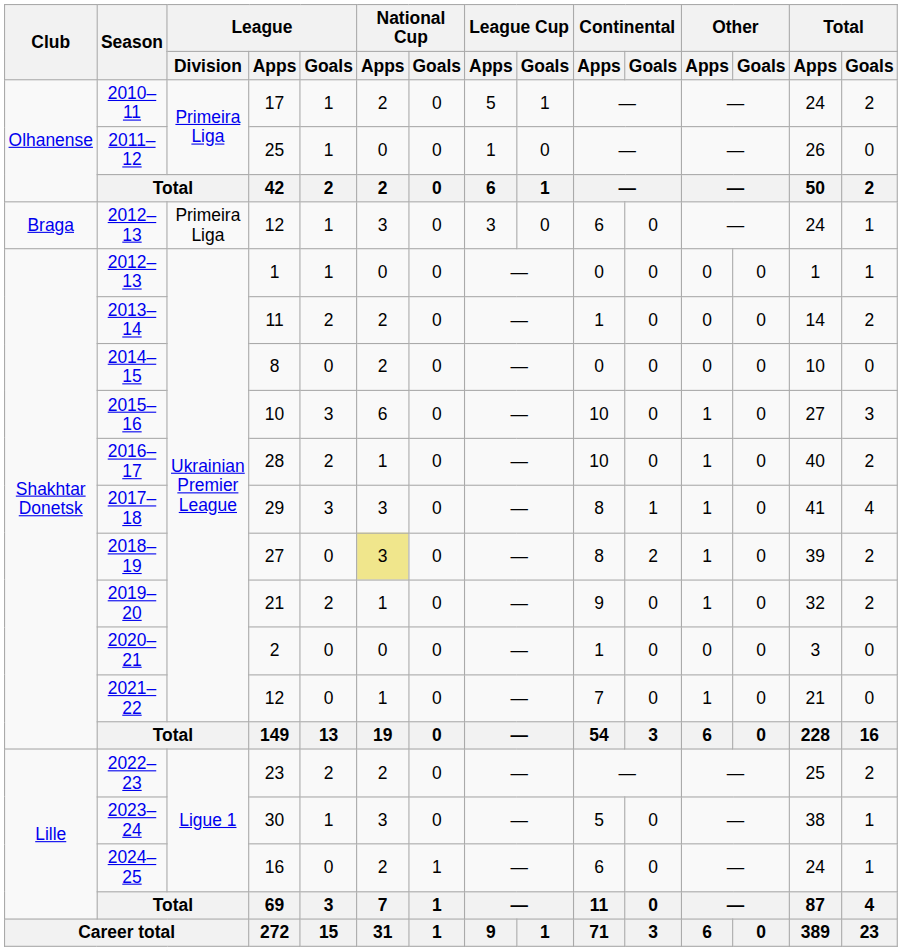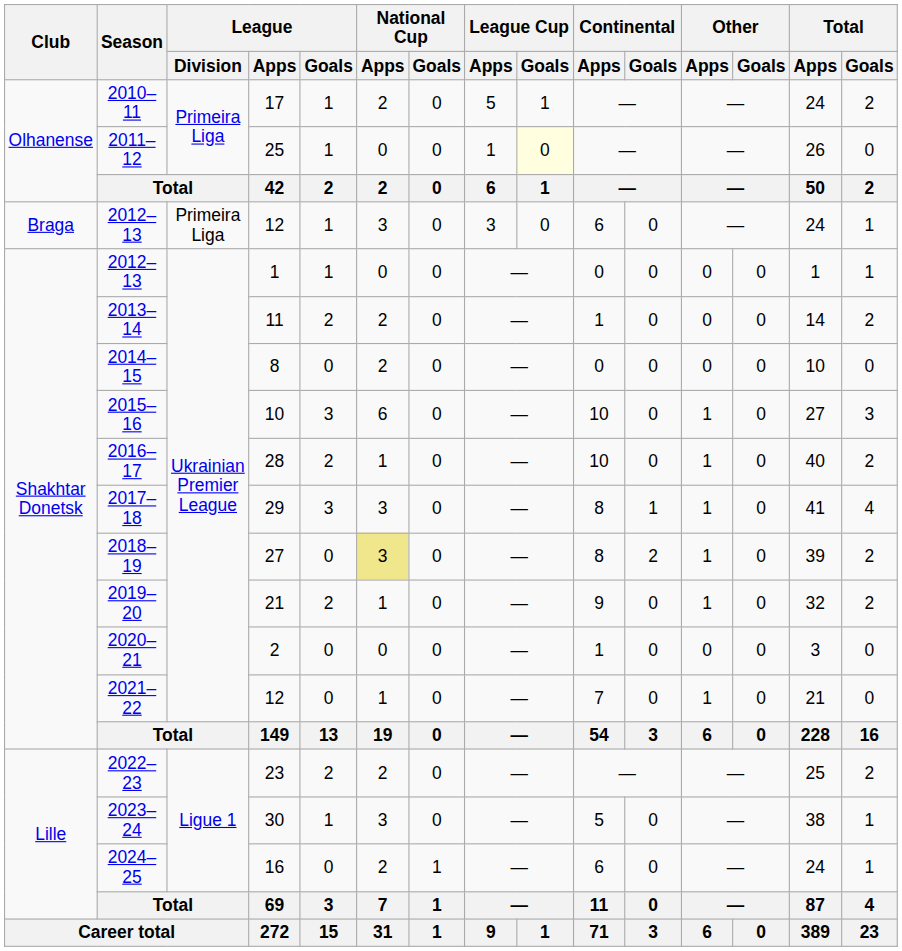 <table class="wikitable" style="text-align: center">
 <tr>
 <th rowspan="2">Club</th>
 <th rowspan="2">Season</th>
 <th colspan="3">League</th>
 <th colspan="2">National Cup</th>
 <th colspan="2">League Cup</th>
 <th colspan="2">Continental</th>
 <th colspan="2">Other</th>
 <th colspan="2">Total</th>
 </tr>
 <tr>
 <th>Division</th>
 <th>Apps</th>
 <th>Goals</th>
 <th>Apps</th>
 <th>Goals</th>
 <th>Apps</th>
 <th>Goals</th>
 <th>Apps</th>
 <th>Goals</th>
 <th>Apps</th>
 <th>Goals</th>
 <th>Apps</th>
 <th>Goals</th>
 </tr>
 <tr>
 <td rowspan="3"><a href='#'>Olhanense</a></td>
 <td><a href='#'>2010–11</a></td>
 <td rowspan="2"><a href='#'>Primeira Liga</a></td>
 <td>17</td>
 <td>1</td>
 <td>2</td>
 <td>0</td>
 <td>5</td>
 <td>1</td>
 <td colspan="2">—</td>
 <td colspan="2">—</td>
 <td>24</td>
 <td>2</td>
 </tr>
 <tr>
 <td><a href='#'>2011–12</a></td>
 <td>25</td>
 <td>1</td>
 <td>0</td>
 <td>0</td>
 <td>1</td>
-<td>0</td>
+<td style="background: lightyellow;">0</td>
 <td colspan="2">—</td>
 <td colspan="2">—</td>
 <td>26</td>
 <td>0</td>
 </tr>
 <tr>
 <th colspan="2">Total</th>
 <th>42</th>
 <th>2</th>
 <th>2</th>
 <th>0</th>
 <th>6</th>
 <th>1</th>
 <th colspan="2">—</th>
 <th colspan="2">—</th>
 <th>50</th>
 <th>2</th>
 </tr>
 <tr>
 <td><a href='#'>Braga</a></td>
 <td><a href='#'>2012–13</a></td>
 <td>Primeira Liga</td>
 <td>12</td>
 <td>1</td>
 <td>3</td>
 <td>0</td>
 <td>3</td>
 <td>0</td>
 <td>6</td>
 <td>0</td>
 <td colspan="2">—</td>
 <td>24</td>
 <td>1</td>
 </tr>
 <tr>
 <td rowspan="11"><a href='#'>Shakhtar Donetsk</a></td>
 <td><a href='#'>2012–13</a></td>
 <td rowspan="10"><a href='#'>Ukrainian Premier League</a></td>
 <td>1</td>
 <td>1</td>
 <td>0</td>
 <td>0</td>
 <td colspan="2">—</td>
 <td>0</td>
 <td>0</td>
 <td>0</td>
 <td>0</td>
 <td>1</td>
 <td>1</td>
 </tr>
 <tr>
 <td><a href='#'>2013–14</a></td>
 <td>11</td>
 <td>2</td>
 <td>2</td>
 <td>0</td>
 <td colspan="2">—</td>
 <td>1</td>
 <td>0</td>
 <td>0</td>
 <td>0</td>
 <td>14</td>
 <td>2</td>
 </tr>
 <tr>
 <td><a href='#'>2014–15</a></td>
 <td>8</td>
 <td>0</td>
 <td>2</td>
 <td>0</td>
 <td colspan="2">—</td>
 <td>0</td>
 <td>0</td>
 <td>0</td>
 <td>0</td>
 <td>10</td>
 <td>0</td>
 </tr>
 <tr>
 <td><a href='#'>2015–16</a></td>
 <td>10</td>
 <td>3</td>
 <td>6</td>
 <td>0</td>
 <td colspan="2">—</td>
 <td>10</td>
 <td>0</td>
 <td>1</td>
 <td>0</td>
 <td>27</td>
 <td>3</td>
 </tr>
 <tr>
 <td><a href='#'>2016–17</a></td>
 <td>28</td>
 <td>2</td>
 <td>1</td>
 <td>0</td>
 <td colspan="2">—</td>
 <td>10</td>
 <td>0</td>
 <td>1</td>
 <td>0</td>
 <td>40</td>
 <td>2</td>
 </tr>
 <tr>
 <td><a href='#'>2017–18</a></td>
 <td>29</td>
 <td>3</td>
 <td>3</td>
 <td>0</td>
 <td colspan="2">—</td>
 <td>8</td>
 <td>1</td>
 <td>1</td>
 <td>0</td>
 <td>41</td>
 <td>4</td>
 </tr>
 <tr>
 <td><a href='#'>2018–19</a></td>
 <td>27</td>
 <td>0</td>
 <td style="background: khaki;">3</td>
 <td>0</td>
 <td colspan="2">—</td>
 <td>8</td>
 <td>2</td>
 <td>1</td>
 <td>0</td>
 <td>39</td>
 <td>2</td>
 </tr>
 <tr>
 <td><a href='#'>2019–20</a></td>
 <td>21</td>
 <td>2</td>
 <td>1</td>
 <td>0</td>
 <td colspan="2">—</td>
 <td>9</td>
 <td>0</td>
 <td>1</td>
 <td>0</td>
 <td>32</td>
 <td>2</td>
 </tr>
 <tr>
 <td><a href='#'>2020–21</a></td>
 <td>2</td>
 <td>0</td>
 <td>0</td>
 <td>0</td>
 <td colspan="2">—</td>
 <td>1</td>
 <td>0</td>
 <td>0</td>
 <td>0</td>
 <td>3</td>
 <td>0</td>
 </tr>
 <tr>
 <td><a href='#'>2021–22</a></td>
 <td>12</td>
 <td>0</td>
 <td>1</td>
 <td>0</td>
 <td colspan="2">—</td>
 <td>7</td>
 <td>0</td>
 <td>1</td>
 <td>0</td>
 <td>21</td>
 <td>0</td>
 </tr>
 <tr>
 <th colspan="2">Total</th>
 <th>149</th>
 <th>13</th>
 <th>19</th>
 <th>0</th>
 <th colspan="2">—</th>
 <th>54</th>
 <th>3</th>
 <th>6</th>
 <th>0</th>
 <th>228</th>
 <th>16</th>
 </tr>
 <tr>
 <td rowspan="4"><a href='#'>Lille</a></td>
 <td><a href='#'>2022–23</a></td>
 <td rowspan="3"><a href='#'>Ligue 1</a></td>
 <td>23</td>
 <td>2</td>
 <td>2</td>
 <td>0</td>
 <td colspan="2">—</td>
 <td colspan="2">—</td>
 <td colspan="2">—</td>
 <td>25</td>
 <td>2</td>
 </tr>
 <tr>
 <td><a href='#'>2023–24</a></td>
 <td>30</td>
 <td>1</td>
 <td>3</td>
 <td>0</td>
 <td colspan="2">—</td>
 <td>5</td>
 <td>0</td>
 <td colspan="2">—</td>
 <td>38</td>
 <td>1</td>
 </tr>
 <tr>
 <td><a href='#'>2024–25</a></td>
 <td>16</td>
 <td>0</td>
 <td>2</td>
 <td>1</td>
 <td colspan="2">—</td>
 <td>6</td>
 <td>0</td>
 <td colspan="2">—</td>
 <td>24</td>
 <td>1</td>
 </tr>
 <tr>
 <th colspan="2">Total</th>
 <th>69</th>
 <th>3</th>
 <th>7</th>
 <th>1</th>
 <th colspan="2">—</th>
 <th>11</th>
 <th>0</th>
 <th colspan="2">—</th>
 <th>87</th>
 <th>4</th>
 </tr>
 <tr>
 <th colspan="3">Career total</th>
 <th>272</th>
 <th>15</th>
 <th>31</th>
 <th>1</th>
 <th>9</th>
 <th>1</th>
 <th>71</th>
 <th>3</th>
 <th>6</th>
 <th>0</th>
 <th>389</th>
 <th>23</th>
 </tr>
 </table>
